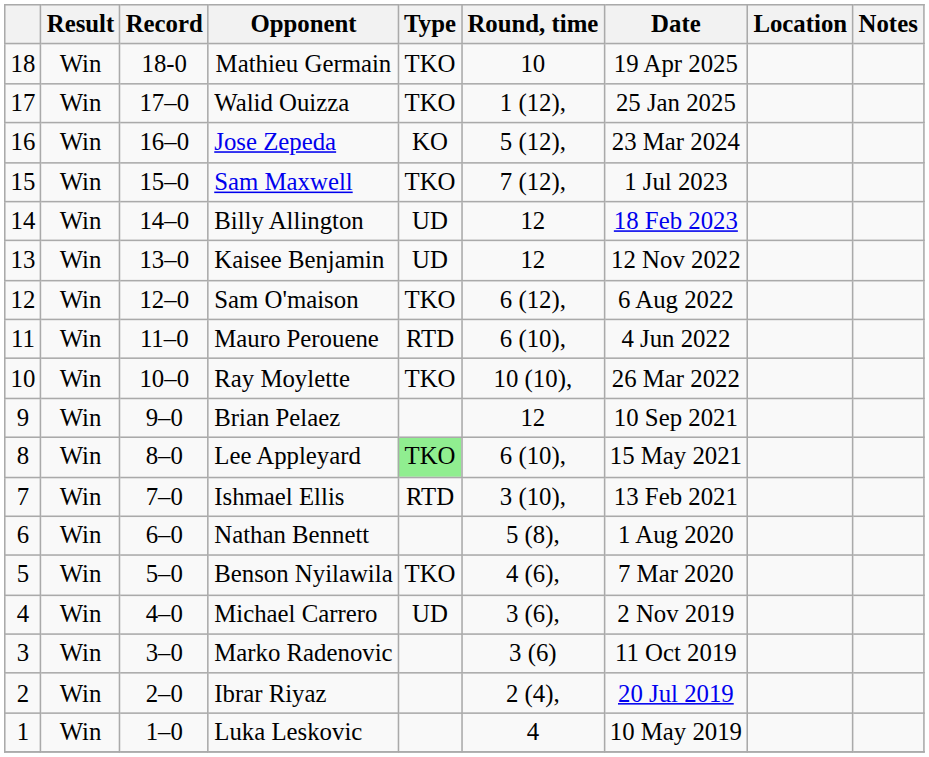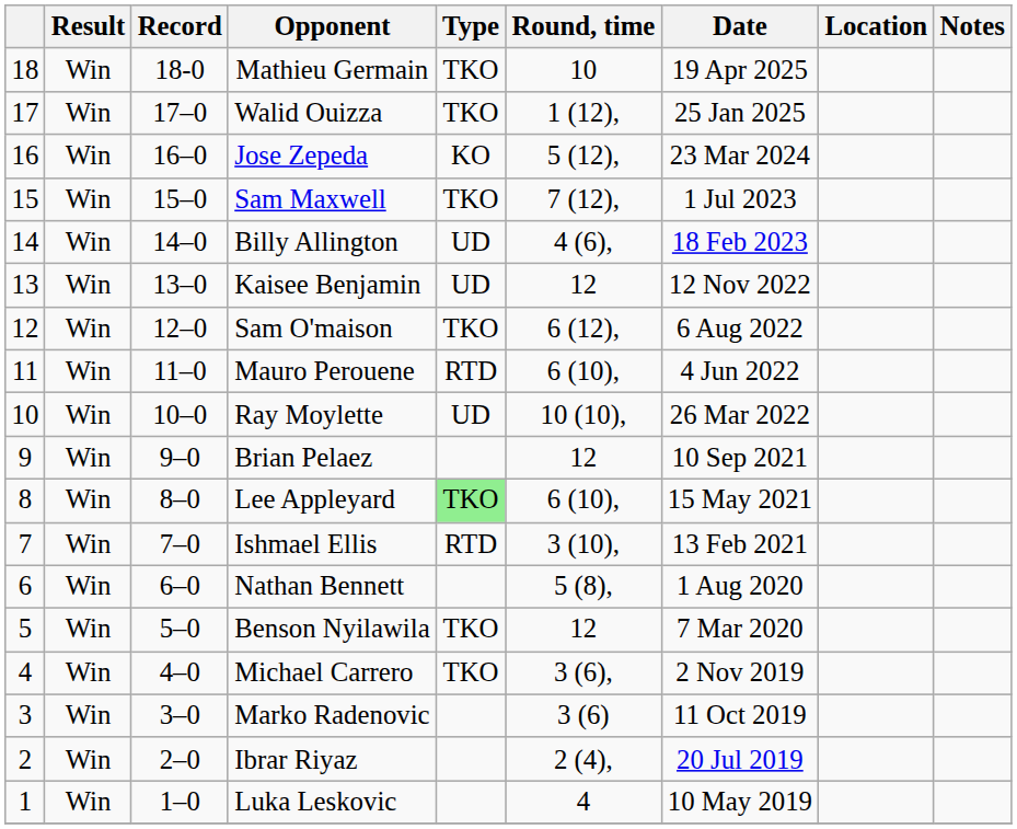 <table class="wikitable" style="text-align:center">
 <tr>
 <th></th>
 <th>Result</th>
 <th>Record</th>
 <th>Opponent</th>
 <th>Type</th>
 <th>Round, time</th>
 <th>Date</th>
 <th>Location</th>
 <th>Notes</th>
 </tr>
 <tr>
 <td>18</td>
 <td>Win</td>
 <td>18-0</td>
 <td style=“text-align:left;”>Mathieu Germain</td>
 <td>TKO</td>
 <td>10</td>
 <td>19 Apr 2025</td>
 <td style=“text-align:left;></td>
 </tr>
 <tr>
 <td>17</td>
 <td>Win</td>
 <td>17–0</td>
 <td style="text-align:left;">Walid Ouizza</td>
 <td>TKO</td>
 <td>1 (12), </td>
 <td>25 Jan 2025</td>
 <td style="text-align:left;"></td>
 <td style="text-align:left;"></td>
 </tr>
 <tr>
 <td>16</td>
 <td>Win</td>
 <td>16–0</td>
 <td style="text-align:left;"><a href='#'>Jose Zepeda</a></td>
 <td>KO</td>
 <td>5 (12), </td>
 <td>23 Mar 2024</td>
 <td style="text-align:left;"></td>
 <td style="text-align:left;"></td>
 </tr>
 <tr>
 <td>15</td>
 <td>Win</td>
 <td>15–0</td>
 <td style="text-align:left;"><a href='#'>Sam Maxwell</a></td>
 <td>TKO</td>
 <td>7 (12), </td>
 <td>1 Jul 2023</td>
 <td style="text-align:left;"></td>
 <td align=left></td>
 </tr>
 <tr>
 <td>14</td>
 <td>Win</td>
 <td>14–0</td>
 <td style="text-align:left;">Billy Allington</td>
 <td>UD</td>
-<td>12</td>
+<td>4 (6), </td>
 <td><a href='#'>18 Feb 2023</a></td>
 <td style="text-align:left;"></td>
 <td align=left></td>
 </tr>
 <tr>
 <td>13</td>
 <td>Win</td>
 <td>13–0</td>
 <td style="text-align:left;">Kaisee Benjamin</td>
 <td>UD</td>
 <td>12</td>
 <td>12 Nov 2022</td>
 <td style="text-align:left;"></td>
 <td align=left></td>
 </tr>
 <tr>
 <td>12</td>
 <td>Win</td>
 <td>12–0</td>
 <td style="text-align:left;">Sam O'maison</td>
 <td>TKO</td>
 <td>6 (12), </td>
 <td>6 Aug 2022</td>
 <td style="text-align:left;"></td>
 <td align=left></td>
 </tr>
 <tr>
 <td>11</td>
 <td>Win</td>
 <td>11–0</td>
 <td style="text-align:left;">Mauro Perouene</td>
 <td>RTD</td>
 <td>6 (10), </td>
 <td>4 Jun 2022</td>
 <td style="text-align:left;"></td>
 <td align=left></td>
 </tr>
 <tr>
 <td>10</td>
 <td>Win</td>
 <td>10–0</td>
 <td style="text-align:left;">Ray Moylette</td>
-<td>TKO</td>
+<td>UD</td>
 <td>10 (10), </td>
 <td>26 Mar 2022</td>
 <td style="text-align:left;"></td>
 <td align=left></td>
 </tr>
 <tr>
 <td>9</td>
 <td>Win</td>
 <td>9–0</td>
 <td style="text-align:left;">Brian Pelaez</td>
 <td></td>
 <td>12</td>
 <td>10 Sep 2021</td>
 <td style="text-align:left;"></td>
 <td align=left></td>
 </tr>
 <tr>
 <td>8</td>
 <td>Win</td>
 <td>8–0</td>
 <td style="text-align:left;">Lee Appleyard</td>
 <td style="background: lightgreen;">TKO</td>
 <td>6 (10), </td>
 <td>15 May 2021</td>
 <td style="text-align:left;"></td>
 <td align=left></td>
 </tr>
 <tr>
 <td>7</td>
 <td>Win</td>
 <td>7–0</td>
 <td style="text-align:left;">Ishmael Ellis</td>
 <td>RTD</td>
 <td>3 (10), </td>
 <td>13 Feb 2021</td>
 <td style="text-align:left;"></td>
 <td></td>
 </tr>
 <tr>
 <td>6</td>
 <td>Win</td>
 <td>6–0</td>
 <td style="text-align:left;">Nathan Bennett</td>
 <td></td>
 <td>5 (8), </td>
 <td>1 Aug 2020</td>
 <td style="text-align:left;"></td>
 <td></td>
 </tr>
 <tr>
 <td>5</td>
 <td>Win</td>
 <td>5–0</td>
 <td style="text-align:left;">Benson Nyilawila</td>
 <td>TKO</td>
-<td>4 (6), </td>
+<td>12</td>
 <td>7 Mar 2020</td>
 <td style="text-align:left;"></td>
 <td></td>
 </tr>
 <tr>
 <td>4</td>
 <td>Win</td>
 <td>4–0</td>
 <td style="text-align:left;">Michael Carrero</td>
-<td>UD</td>
+<td>TKO</td>
 <td>3 (6), </td>
 <td>2 Nov 2019</td>
 <td style="text-align:left;"></td>
 <td></td>
 </tr>
 <tr>
 <td>3</td>
 <td>Win</td>
 <td>3–0</td>
 <td style="text-align:left;">Marko Radenovic</td>
 <td></td>
 <td>3 (6)</td>
 <td>11 Oct 2019</td>
 <td style="text-align:left;"></td>
 <td></td>
 </tr>
 <tr>
 <td>2</td>
 <td>Win</td>
 <td>2–0</td>
 <td style="text-align:left;">Ibrar Riyaz</td>
 <td></td>
 <td>2 (4), </td>
 <td><a href='#'>20 Jul 2019</a></td>
 <td style="text-align:left;"></td>
 <td></td>
 </tr>
 <tr>
 <td>1</td>
 <td>Win</td>
 <td>1–0</td>
 <td style="text-align:left;">Luka Leskovic</td>
 <td></td>
 <td>4</td>
 <td>10 May 2019</td>
 <td style="text-align:left;"></td>
 <td></td>
 </tr>
 <tr>
 </tr>
 </table>
